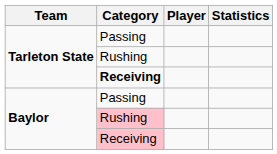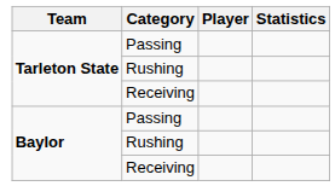 <table class="wikitable" style="float: right;">
 <tr>
 <th>Team</th>
 <th>Category</th>
 <th>Player</th>
 <th>Statistics</th>
 </tr>
 <tr>
 <td rowspan=3><strong>Tarleton State</strong></td>
 <td>Passing</td>
 <td></td>
 <td></td>
 </tr>
 <tr>
 <td>Rushing</td>
 <td></td>
 <td></td>
 </tr>
 <tr>
-<td><strong>Receiving</strong></td>
+<td>Receiving</td>
 <td></td>
 <td></td>
 </tr>
 <tr>
 <td rowspan=3><strong>Baylor</strong></td>
 <td>Passing</td>
 <td></td>
 <td></td>
 </tr>
 <tr>
-<td style="background: pink;">Rushing</td>
+<td>Rushing</td>
 <td></td>
 <td></td>
 </tr>
 <tr>
-<td style="background: pink;">Receiving</td>
+<td>Receiving</td>
 <td></td>
 <td></td>
 </tr>
 </table>
